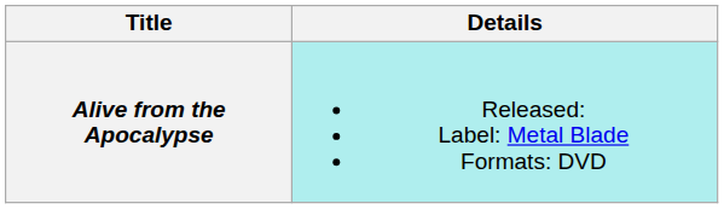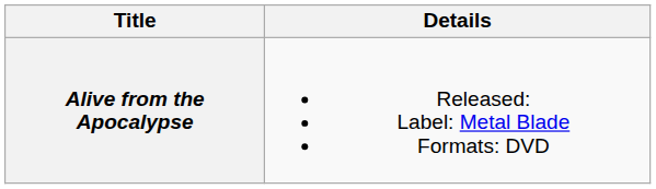 <table class="wikitable plainrowheaders" style="text-align:center;">
 <tr>
 <th scope="col" style="width:12em;">Title</th>
 <th scope="col" style="width:18em;">Details</th>
 </tr>
 <tr>
 <th scope="row"><em>Alive from the Apocalypse</em></th>
-<td style="background: paleturquoise;"><br><ul><li>Released: </li><li>Label: <a href='#'>Metal Blade</a></li><li>Formats: DVD</li></ul></td>
+<td><br><ul><li>Released: </li><li>Label: <a href='#'>Metal Blade</a></li><li>Formats: DVD</li></ul></td>
 </tr>
 </table>
